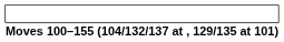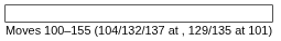 <table style="display:inline; display:inline-table;">
 <tr>
 <td style="border: solid thin; padding: 2px;"><br></td>
 </tr>
 <tr>
-<td style="text-align:center"><strong>Moves 100–155 (104/132/137 at , 129/135 at 101)</strong></td>
+<td style="text-align:center">Moves 100–155 (104/132/137 at , 129/135 at 101)</td>
 </tr>
 </table>
